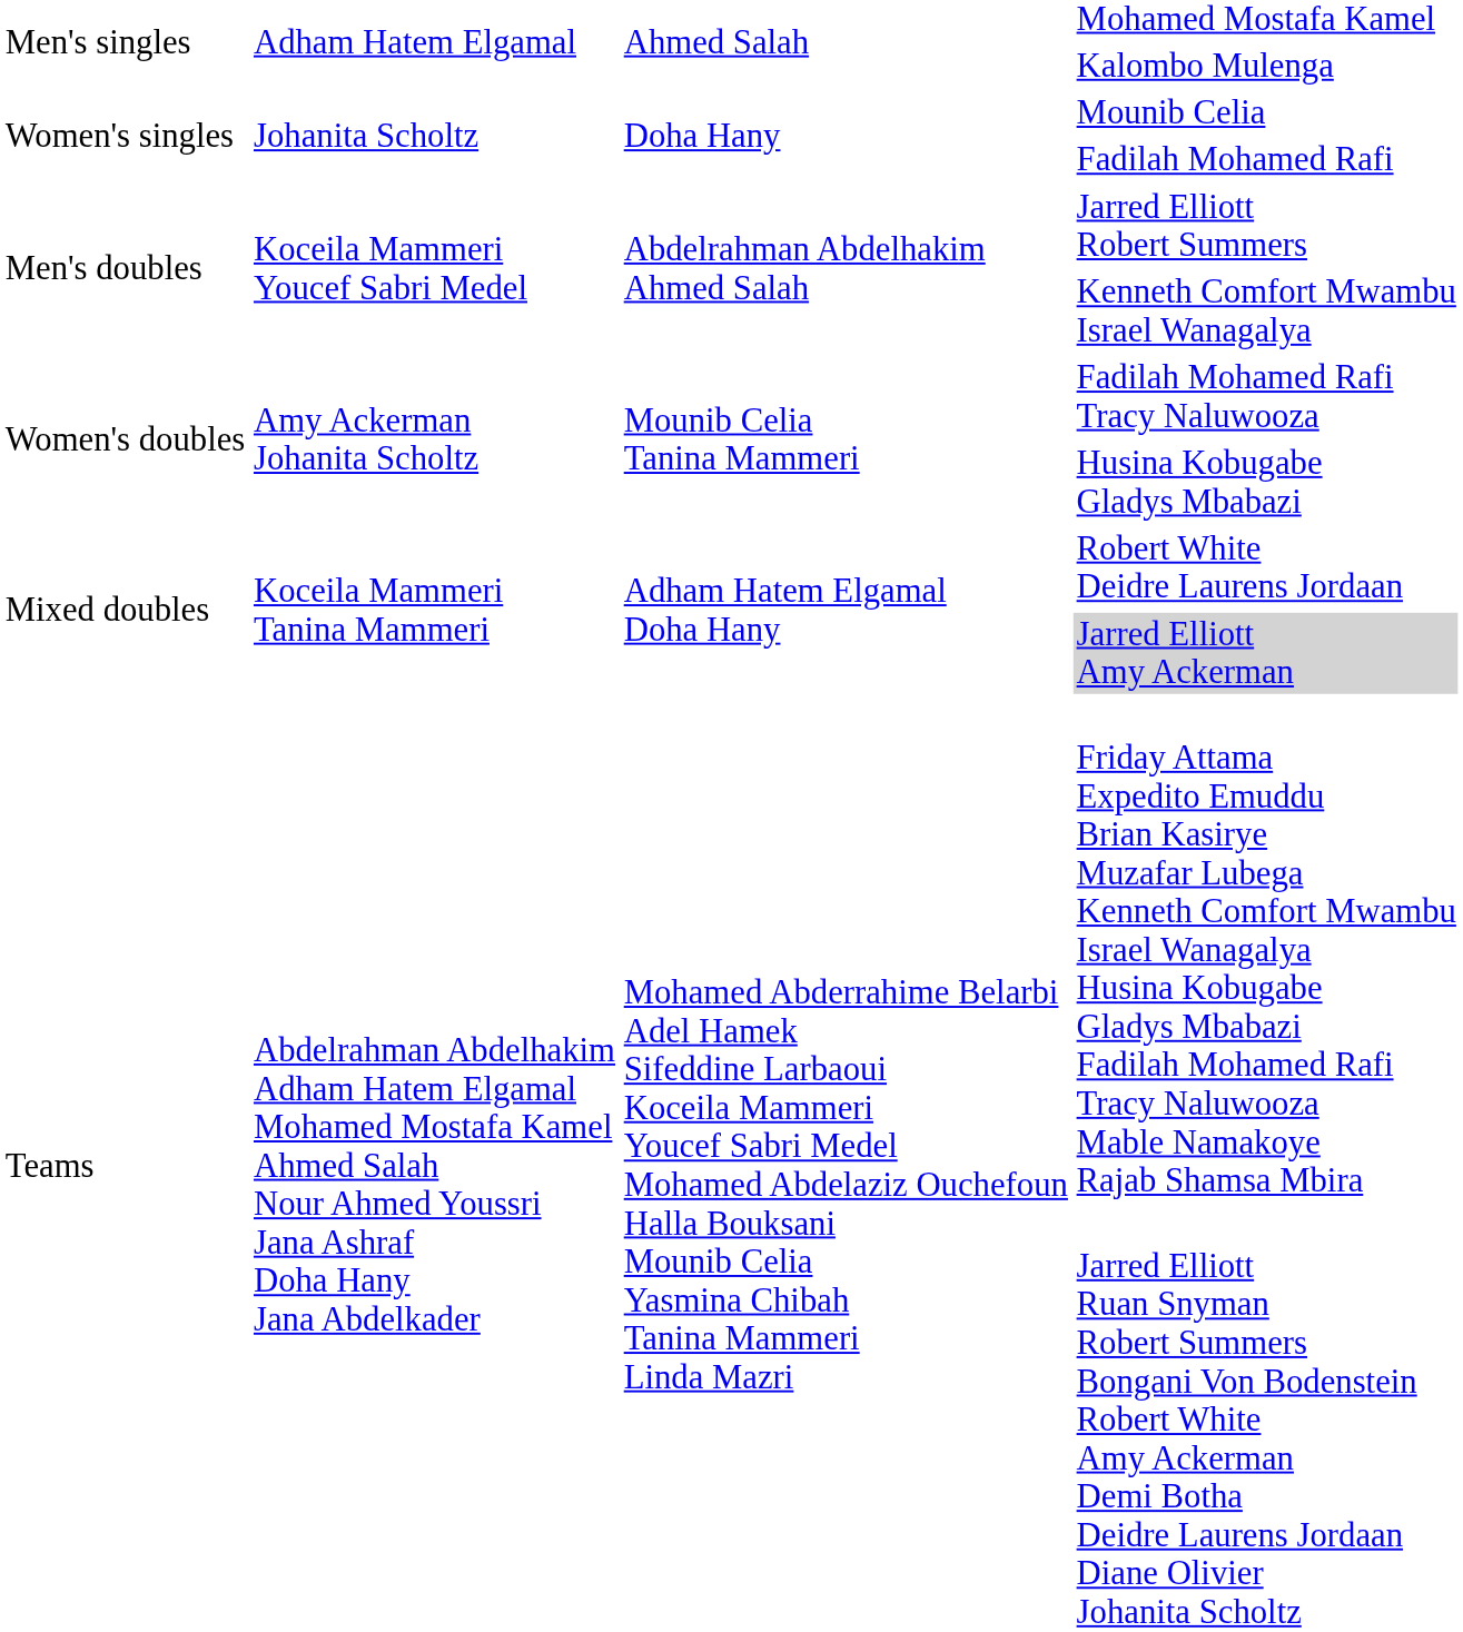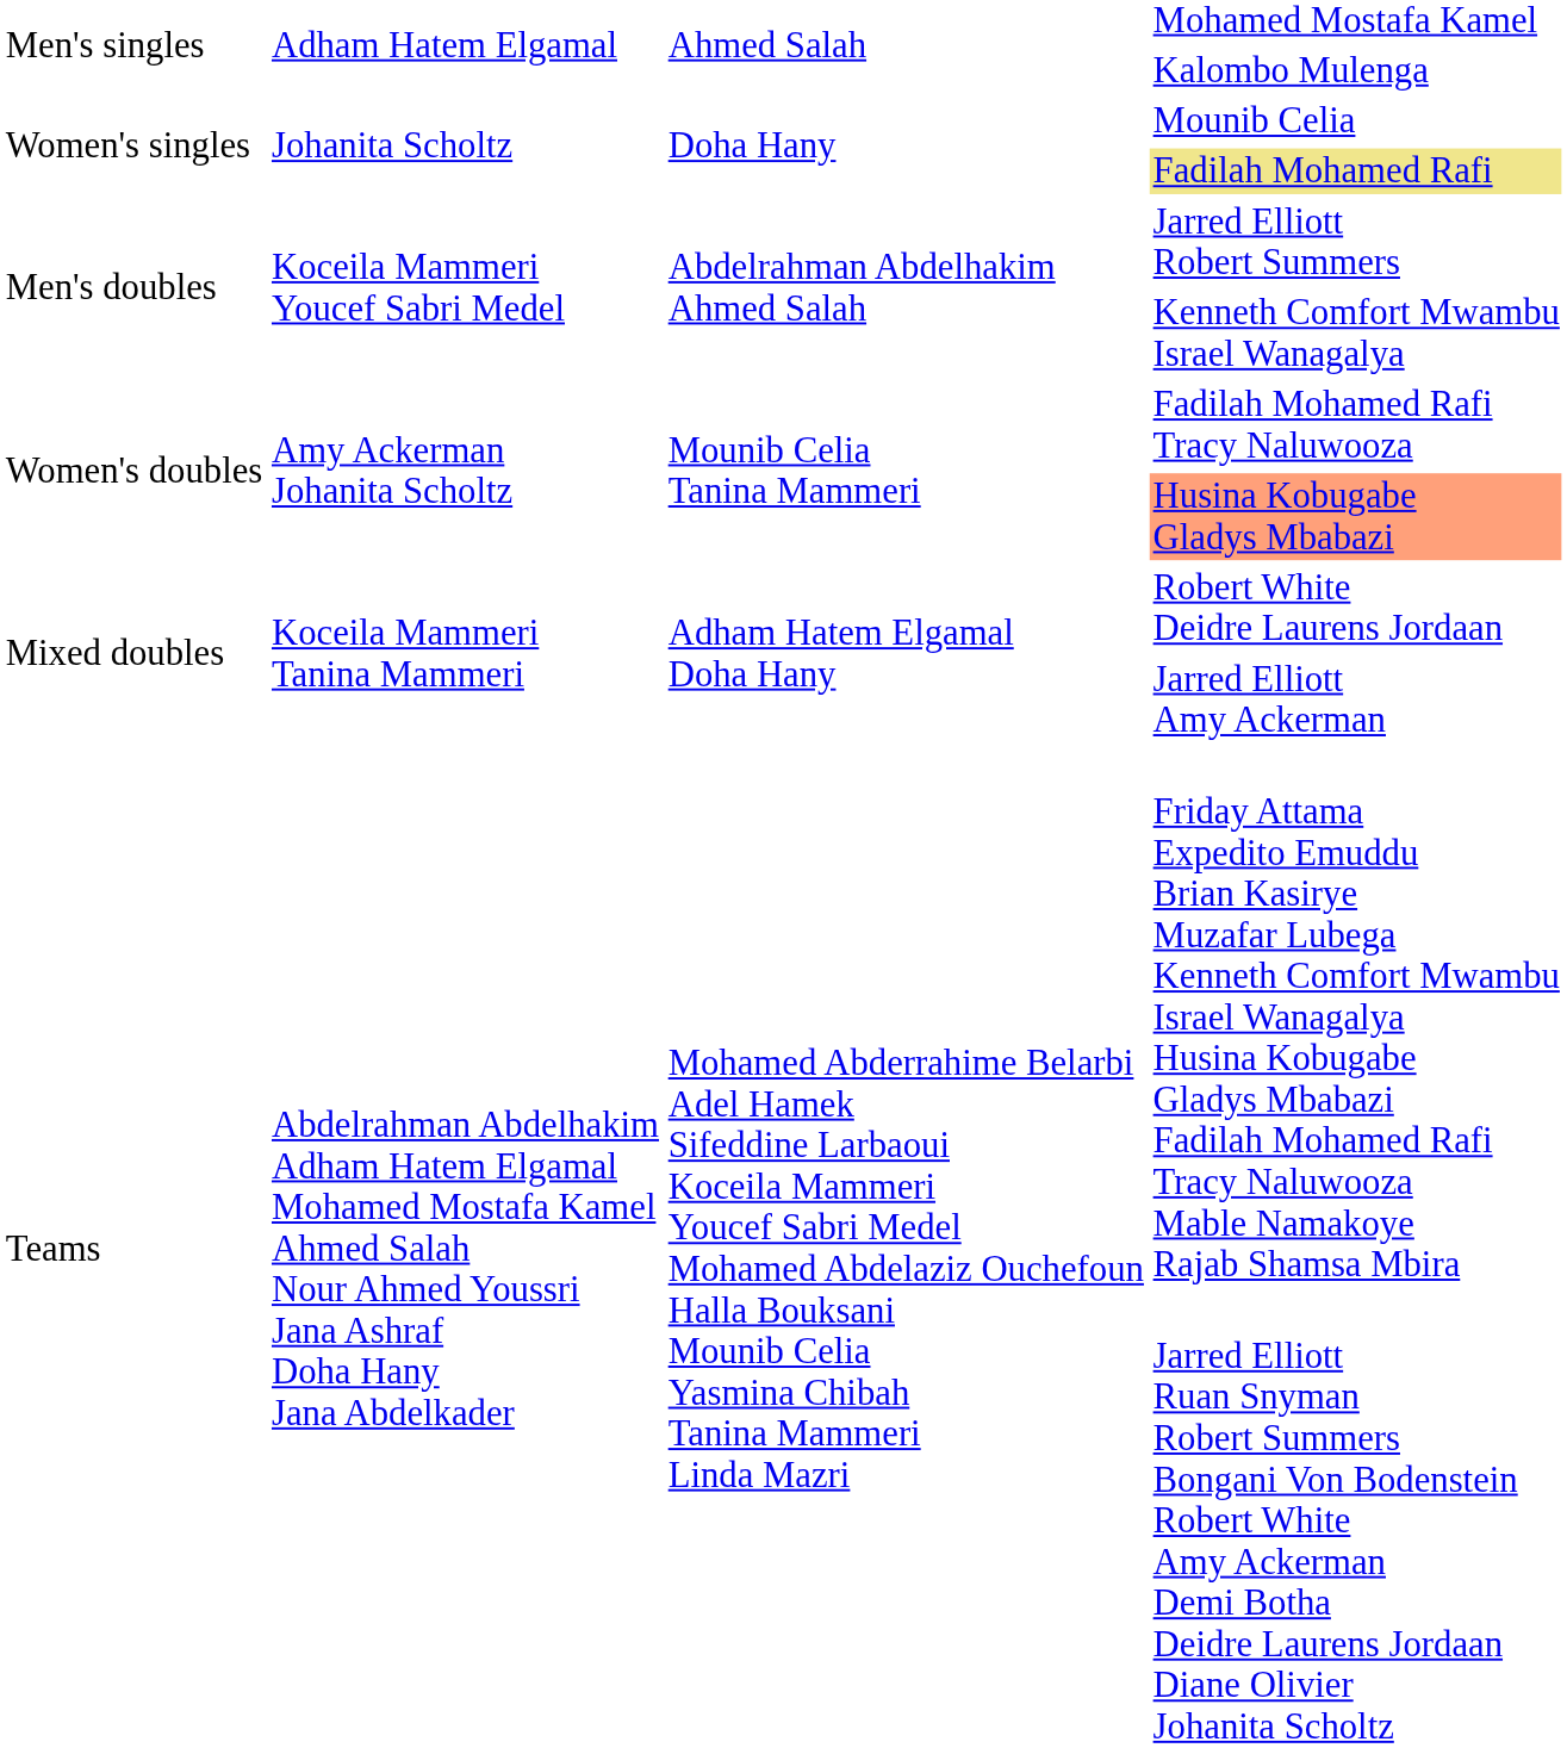 <table>
 <tr>
 <td rowspan=2>Men's singles</td>
 <td rowspan=2> <a href='#'>Adham Hatem Elgamal</a></td>
 <td rowspan=2> <a href='#'>Ahmed Salah</a></td>
 <td> <a href='#'>Mohamed Mostafa Kamel</a></td>
 </tr>
 <tr>
 <td> <a href='#'>Kalombo Mulenga</a></td>
 </tr>
 <tr>
 <td rowspan=2>Women's singles</td>
 <td rowspan=2> <a href='#'>Johanita Scholtz</a></td>
 <td rowspan=2> <a href='#'>Doha Hany</a></td>
 <td> <a href='#'>Mounib Celia</a></td>
 </tr>
 <tr>
-<td> <a href='#'>Fadilah Mohamed Rafi</a></td>
+<td style="background: khaki;"> <a href='#'>Fadilah Mohamed Rafi</a></td>
 </tr>
 <tr>
 <td rowspan=2>Men's doubles</td>
 <td rowspan=2> <a href='#'>Koceila Mammeri</a> <br>  <a href='#'>Youcef Sabri Medel</a></td>
 <td rowspan=2> <a href='#'>Abdelrahman Abdelhakim</a> <br>  <a href='#'>Ahmed Salah</a></td>
 <td> <a href='#'>Jarred Elliott</a> <br> <a href='#'>Robert Summers</a></td>
 </tr>
 <tr>
 <td> <a href='#'>Kenneth Comfort Mwambu</a> <br> <a href='#'>Israel Wanagalya</a></td>
 </tr>
 <tr>
 <td rowspan=2>Women's doubles</td>
 <td rowspan=2> <a href='#'>Amy Ackerman</a> <br> <a href='#'>Johanita Scholtz</a></td>
 <td rowspan=2> <a href='#'>Mounib Celia</a> <br> <a href='#'>Tanina Mammeri</a></td>
 <td> <a href='#'>Fadilah Mohamed Rafi</a> <br> <a href='#'>Tracy Naluwooza</a></td>
 </tr>
 <tr>
-<td> <a href='#'>Husina Kobugabe</a> <br> <a href='#'>Gladys Mbabazi</a></td>
+<td style="background: lightsalmon;"> <a href='#'>Husina Kobugabe</a> <br> <a href='#'>Gladys Mbabazi</a></td>
 </tr>
 <tr>
 <td rowspan=2>Mixed doubles</td>
 <td rowspan=2> <a href='#'>Koceila Mammeri</a> <br>  <a href='#'>Tanina Mammeri</a></td>
 <td rowspan=2> <a href='#'>Adham Hatem Elgamal</a> <br> <a href='#'>Doha Hany</a></td>
 <td> <a href='#'>Robert White</a> <br> <a href='#'>Deidre Laurens Jordaan</a></td>
 </tr>
 <tr>
-<td style="background: lightgrey;"> <a href='#'>Jarred Elliott</a> <br> <a href='#'>Amy Ackerman</a></td>
+<td> <a href='#'>Jarred Elliott</a> <br> <a href='#'>Amy Ackerman</a></td>
 </tr>
 <tr>
 <td rowspan=2>Teams</td>
 <td rowspan=2> <br><a href='#'>Abdelrahman Abdelhakim</a><br><a href='#'>Adham Hatem Elgamal</a><br><a href='#'>Mohamed Mostafa Kamel</a><br><a href='#'>Ahmed Salah</a><br><a href='#'>Nour Ahmed Youssri</a><br><a href='#'>Jana Ashraf</a><br><a href='#'>Doha Hany</a><br><a href='#'>Jana Abdelkader</a></td>
 <td rowspan=2> <br><a href='#'>Mohamed Abderrahime Belarbi</a><br><a href='#'>Adel Hamek</a><br><a href='#'>Sifeddine Larbaoui</a><br><a href='#'>Koceila Mammeri</a><br><a href='#'>Youcef Sabri Medel</a><br><a href='#'>Mohamed Abdelaziz Ouchefoun</a><br><a href='#'>Halla Bouksani</a><br><a href='#'>Mounib Celia</a><br><a href='#'>Yasmina Chibah</a><br><a href='#'>Tanina Mammeri</a><br><a href='#'>Linda Mazri</a></td>
 <td> <br> <a href='#'>Friday Attama</a><br><a href='#'>Expedito Emuddu</a><br><a href='#'>Brian Kasirye</a><br><a href='#'>Muzafar Lubega</a><br><a href='#'>Kenneth Comfort Mwambu</a><br><a href='#'>Israel Wanagalya</a><br><a href='#'>Husina Kobugabe</a><br><a href='#'>Gladys Mbabazi</a><br><a href='#'>Fadilah Mohamed Rafi</a><br><a href='#'>Tracy Naluwooza</a><br><a href='#'>Mable Namakoye</a><br><a href='#'>Rajab Shamsa Mbira</a></td>
 </tr>
 <tr>
 <td> <br> <a href='#'>Jarred Elliott</a><br><a href='#'>Ruan Snyman</a><br><a href='#'>Robert Summers</a><br><a href='#'>Bongani Von Bodenstein</a><br><a href='#'>Robert White</a><br><a href='#'>Amy Ackerman</a><br><a href='#'>Demi Botha</a><br><a href='#'>Deidre Laurens Jordaan</a><br><a href='#'>Diane Olivier</a><br><a href='#'>Johanita Scholtz</a></td>
 </tr>
 </table>
